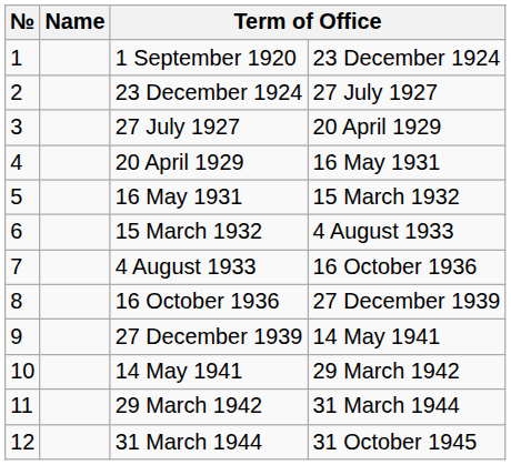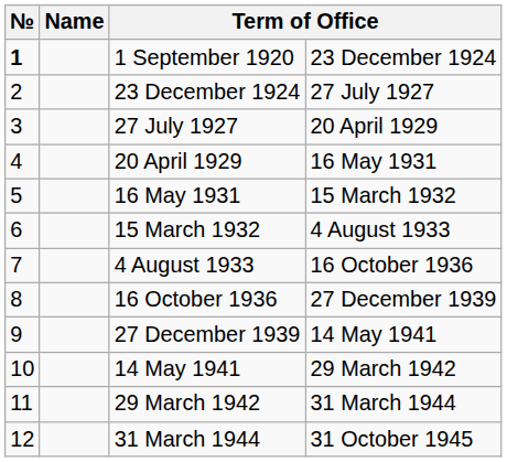 <table class=wikitable>
 <tr>
 <th>№</th>
 <th>Name</th>
 <th colspan=2>Term of Office</th>
 </tr>
 <tr>
-<td style="background:">1</td>
+<td style="background:"><strong>1</strong></td>
 <td></td>
 <td>1 September 1920</td>
 <td>23 December 1924</td>
 </tr>
 <tr>
 <td style="background:">2</td>
 <td></td>
 <td>23 December 1924</td>
 <td>27 July 1927</td>
 </tr>
 <tr>
 <td style="background:">3</td>
 <td></td>
 <td>27 July 1927</td>
 <td>20 April 1929</td>
 </tr>
 <tr>
 <td style="background:">4</td>
 <td></td>
 <td>20 April 1929</td>
 <td>16 May 1931</td>
 </tr>
 <tr>
 <td style="background:">5</td>
 <td></td>
 <td>16 May 1931</td>
 <td>15 March 1932</td>
 </tr>
 <tr>
 <td style="background:">6</td>
 <td></td>
 <td>15 March 1932</td>
 <td>4 August 1933</td>
 </tr>
 <tr>
 <td style="background:">7</td>
 <td></td>
 <td>4 August 1933</td>
 <td>16 October 1936</td>
 </tr>
 <tr>
 <td style="background:">8</td>
 <td></td>
 <td>16 October 1936</td>
 <td>27 December 1939</td>
 </tr>
 <tr>
 <td style="background:">9</td>
 <td></td>
 <td>27 December 1939</td>
 <td>14 May 1941</td>
 </tr>
 <tr>
 <td style="background:">10</td>
 <td></td>
 <td>14 May 1941</td>
 <td>29 March 1942</td>
 </tr>
 <tr>
 <td style="background:">11</td>
 <td></td>
 <td>29 March 1942</td>
 <td>31 March 1944</td>
 </tr>
 <tr>
 <td style="background:">12</td>
 <td></td>
 <td>31 March 1944</td>
 <td>31 October 1945</td>
 </tr>
 </table>
